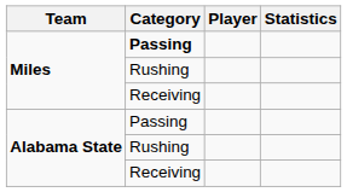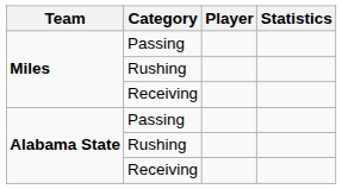 <table class="wikitable" style="float: right;">
 <tr>
 <th>Team</th>
 <th>Category</th>
 <th>Player</th>
 <th>Statistics</th>
 </tr>
 <tr>
 <td rowspan=3><strong>Miles</strong></td>
-<td><strong>Passing</strong></td>
+<td>Passing</td>
 <td></td>
 <td></td>
 </tr>
 <tr>
 <td>Rushing</td>
 <td></td>
 <td></td>
 </tr>
 <tr>
 <td>Receiving</td>
 <td></td>
 <td></td>
 </tr>
 <tr>
 <td rowspan=3><strong>Alabama State</strong></td>
 <td>Passing</td>
 <td></td>
 <td></td>
 </tr>
 <tr>
 <td>Rushing</td>
 <td></td>
 <td></td>
 </tr>
 <tr>
 <td>Receiving</td>
 <td></td>
 <td></td>
 </tr>
 </table>
